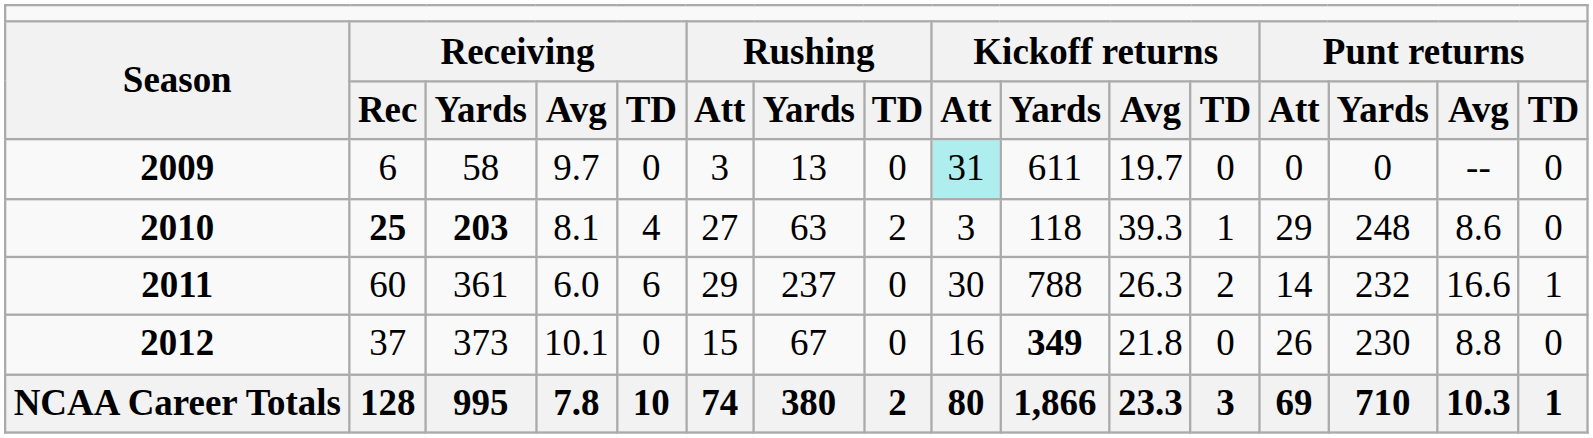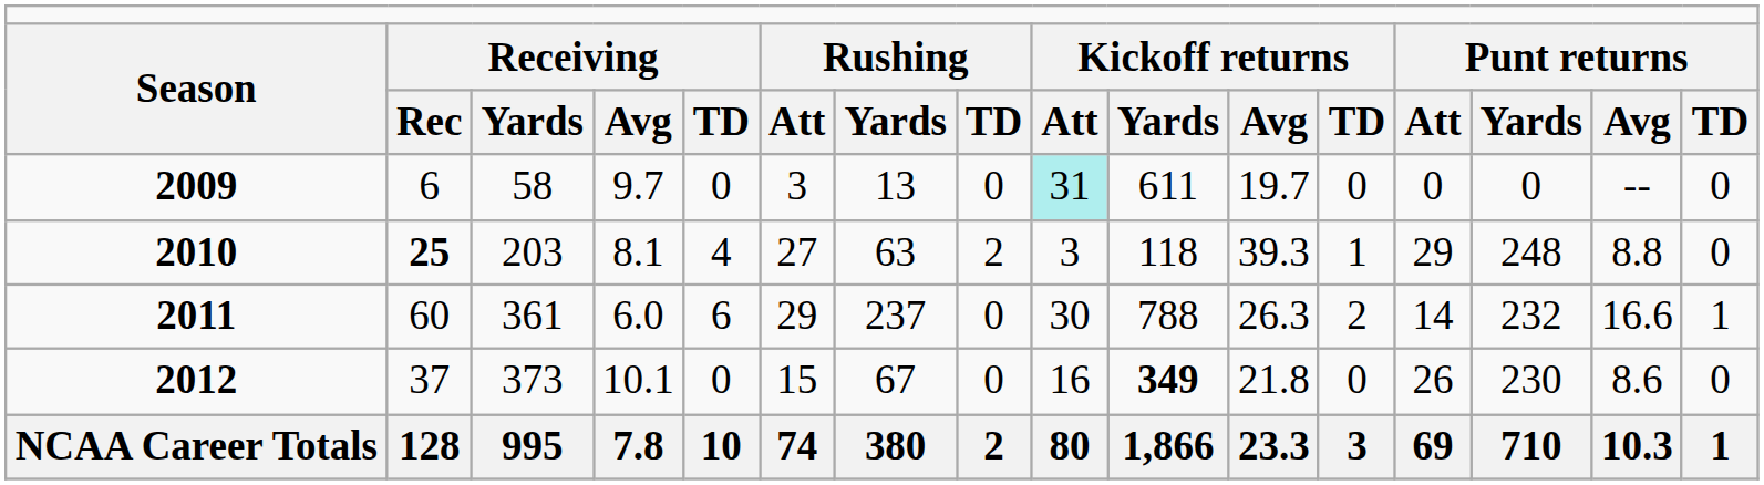 <table class=wikitable style="text-align:center;">
 <tr>
 <td ! colspan="16"></td>
 </tr>
 <tr>
 <th rowspan=2>Season</th>
 <th colspan=4>Receiving</th>
 <th colspan=3>Rushing</th>
 <th colspan=4>Kickoff returns</th>
 <th colspan=4>Punt returns</th>
 </tr>
 <tr>
 <th>Rec</th>
 <th>Yards</th>
 <th>Avg</th>
 <th>TD</th>
 <th>Att</th>
 <th>Yards</th>
 <th>TD</th>
 <th>Att</th>
 <th>Yards</th>
 <th>Avg</th>
 <th>TD</th>
 <th>Att</th>
 <th>Yards</th>
 <th>Avg</th>
 <th>TD</th>
 </tr>
 <tr>
 <td><strong>2009</strong></td>
 <td>6</td>
 <td>58</td>
 <td>9.7</td>
 <td>0</td>
 <td>3</td>
 <td>13</td>
 <td>0</td>
 <td style="background: paleturquoise;">31</td>
 <td>611</td>
 <td>19.7</td>
 <td>0</td>
 <td>0</td>
 <td>0</td>
 <td>--</td>
 <td>0</td>
 </tr>
 <tr>
 <td><strong>2010</strong></td>
 <td><strong>25</strong></td>
-<td><strong>203</strong></td>
+<td>203</td>
 <td>8.1</td>
 <td>4</td>
 <td>27</td>
 <td>63</td>
 <td>2</td>
 <td>3</td>
 <td>118</td>
 <td>39.3</td>
 <td>1</td>
 <td>29</td>
 <td>248</td>
-<td>8.6</td>
+<td>8.8</td>
 <td>0</td>
 </tr>
 <tr>
 <td><strong>2011</strong></td>
 <td>60</td>
 <td>361</td>
 <td>6.0</td>
 <td>6</td>
 <td>29</td>
 <td>237</td>
 <td>0</td>
 <td>30</td>
 <td>788</td>
 <td>26.3</td>
 <td>2</td>
 <td>14</td>
 <td>232</td>
 <td>16.6</td>
 <td>1</td>
 </tr>
 <tr>
 <td><strong>2012</strong></td>
 <td>37</td>
 <td>373</td>
 <td>10.1</td>
 <td>0</td>
 <td>15</td>
 <td>67</td>
 <td>0</td>
 <td>16</td>
 <td><strong>349</strong></td>
 <td>21.8</td>
 <td>0</td>
 <td>26</td>
 <td>230</td>
-<td>8.8</td>
+<td>8.6</td>
 <td>0</td>
 </tr>
 <tr>
 <th>NCAA Career Totals</th>
 <th>128</th>
 <th>995</th>
 <th>7.8</th>
 <th>10</th>
 <th>74</th>
 <th>380</th>
 <th>2</th>
 <th>80</th>
 <th>1,866</th>
 <th>23.3</th>
 <th>3</th>
 <th>69</th>
 <th>710</th>
 <th>10.3</th>
 <th>1</th>
 </tr>
 </table>
